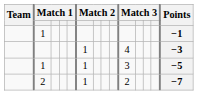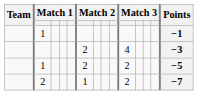 <table class="wikitable sortable" style="text-align:center;">
 <tr>
 <th rowspan=2>Team</th>
 <th colspan=4 style="border-left:3px solid gray">Match 1</th>
 <th colspan=4 style="border-left:3px solid gray">Match 2</th>
 <th colspan=4 style="border-left:3px solid gray">Match 3</th>
 <th rowspan=2 style="border-left:3px solid gray">Points</th>
 </tr>
 <tr>
 <th style="border-left:3px solid gray"></th>
 <th></th>
 <th></th>
 <th></th>
 <th style="border-left:3px solid gray"></th>
 <th></th>
 <th></th>
 <th></th>
 <th style="border-left:3px solid gray"></th>
 <th></th>
 <th></th>
 <th></th>
 </tr>
 <tr>
 <td align=left></td>
 <td style="border-left:3px solid gray">1</td>
 <td></td>
 <td></td>
 <td></td>
 <td style="border-left:3px solid gray"></td>
 <td></td>
 <td></td>
 <td></td>
 <td style="border-left:3px solid gray"></td>
 <td></td>
 <td></td>
 <td></td>
 <th style="border-left:3px solid gray">−1</th>
 </tr>
 <tr>
 <td align=left></td>
 <td style="border-left:3px solid gray"></td>
 <td></td>
 <td></td>
 <td></td>
-<td style="border-left:3px solid gray">1</td>
+<td style="border-left:3px solid gray">2</td>
 <td></td>
 <td></td>
 <td></td>
 <td style="border-left:3px solid gray">4</td>
 <td></td>
 <td></td>
 <td></td>
 <th style="border-left:3px solid gray">−3</th>
 </tr>
 <tr>
 <td align=left></td>
 <td style="border-left:3px solid gray">1</td>
 <td></td>
 <td></td>
 <td></td>
-<td style="border-left:3px solid gray">1</td>
+<td style="border-left:3px solid gray">2</td>
 <td></td>
 <td></td>
 <td></td>
-<td style="border-left:3px solid gray">3</td>
+<td style="border-left:3px solid gray">2</td>
 <td></td>
 <td></td>
 <td></td>
 <th style="border-left:3px solid gray">−5</th>
 </tr>
 <tr>
 <td align=left></td>
 <td style="border-left:3px solid gray">2</td>
 <td></td>
 <td></td>
 <td></td>
 <td style="border-left:3px solid gray">1</td>
 <td></td>
 <td></td>
 <td></td>
 <td style="border-left:3px solid gray">2</td>
 <td></td>
 <td></td>
 <td></td>
 <th style="border-left:3px solid gray">−7</th>
 </tr>
 </table>
